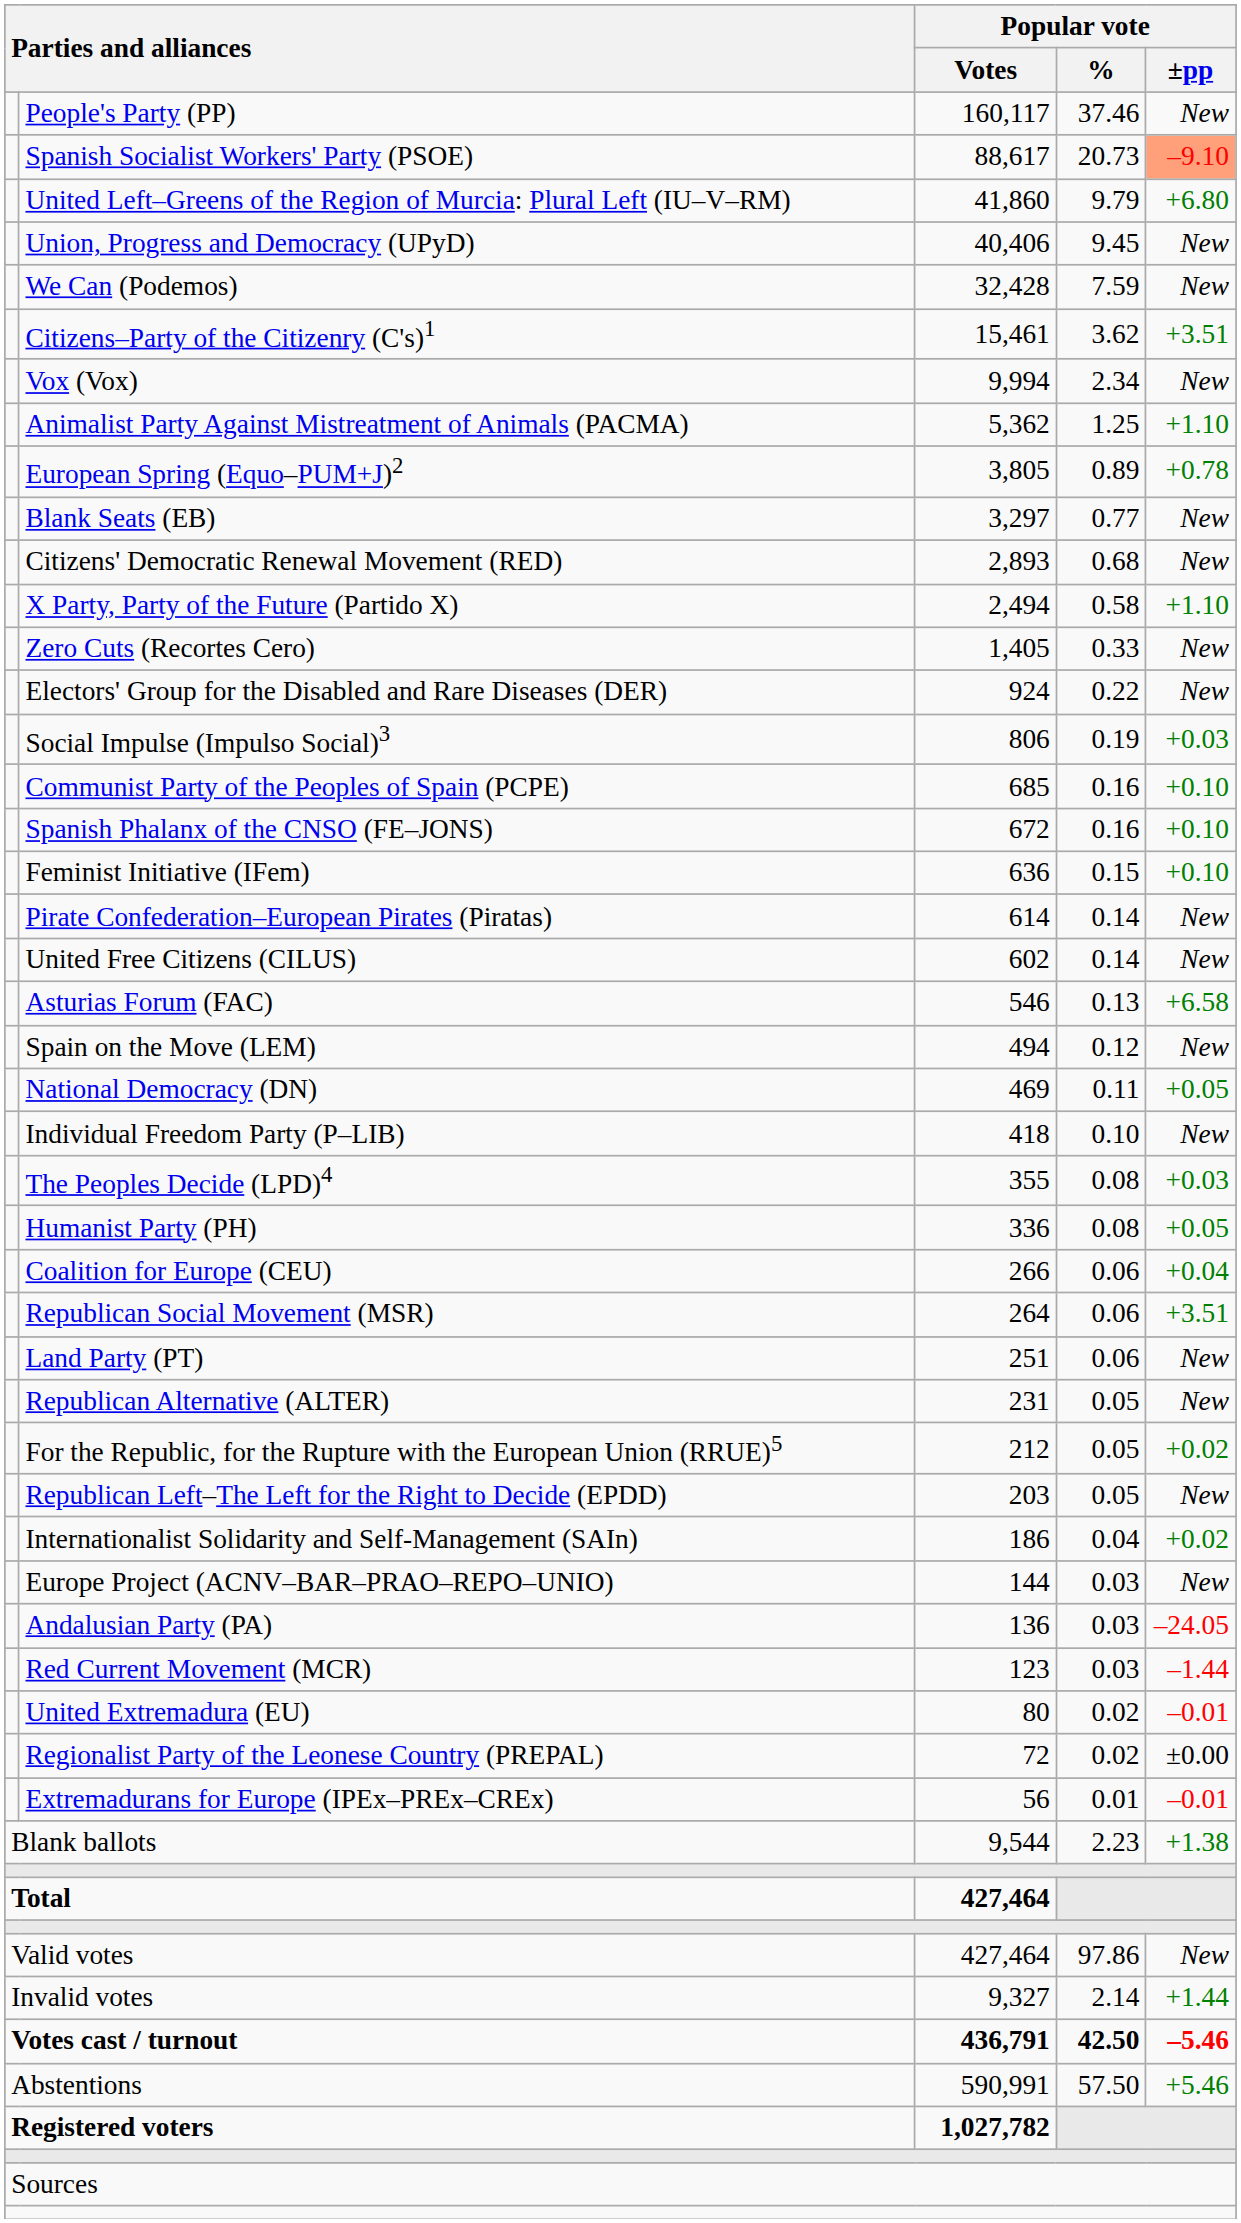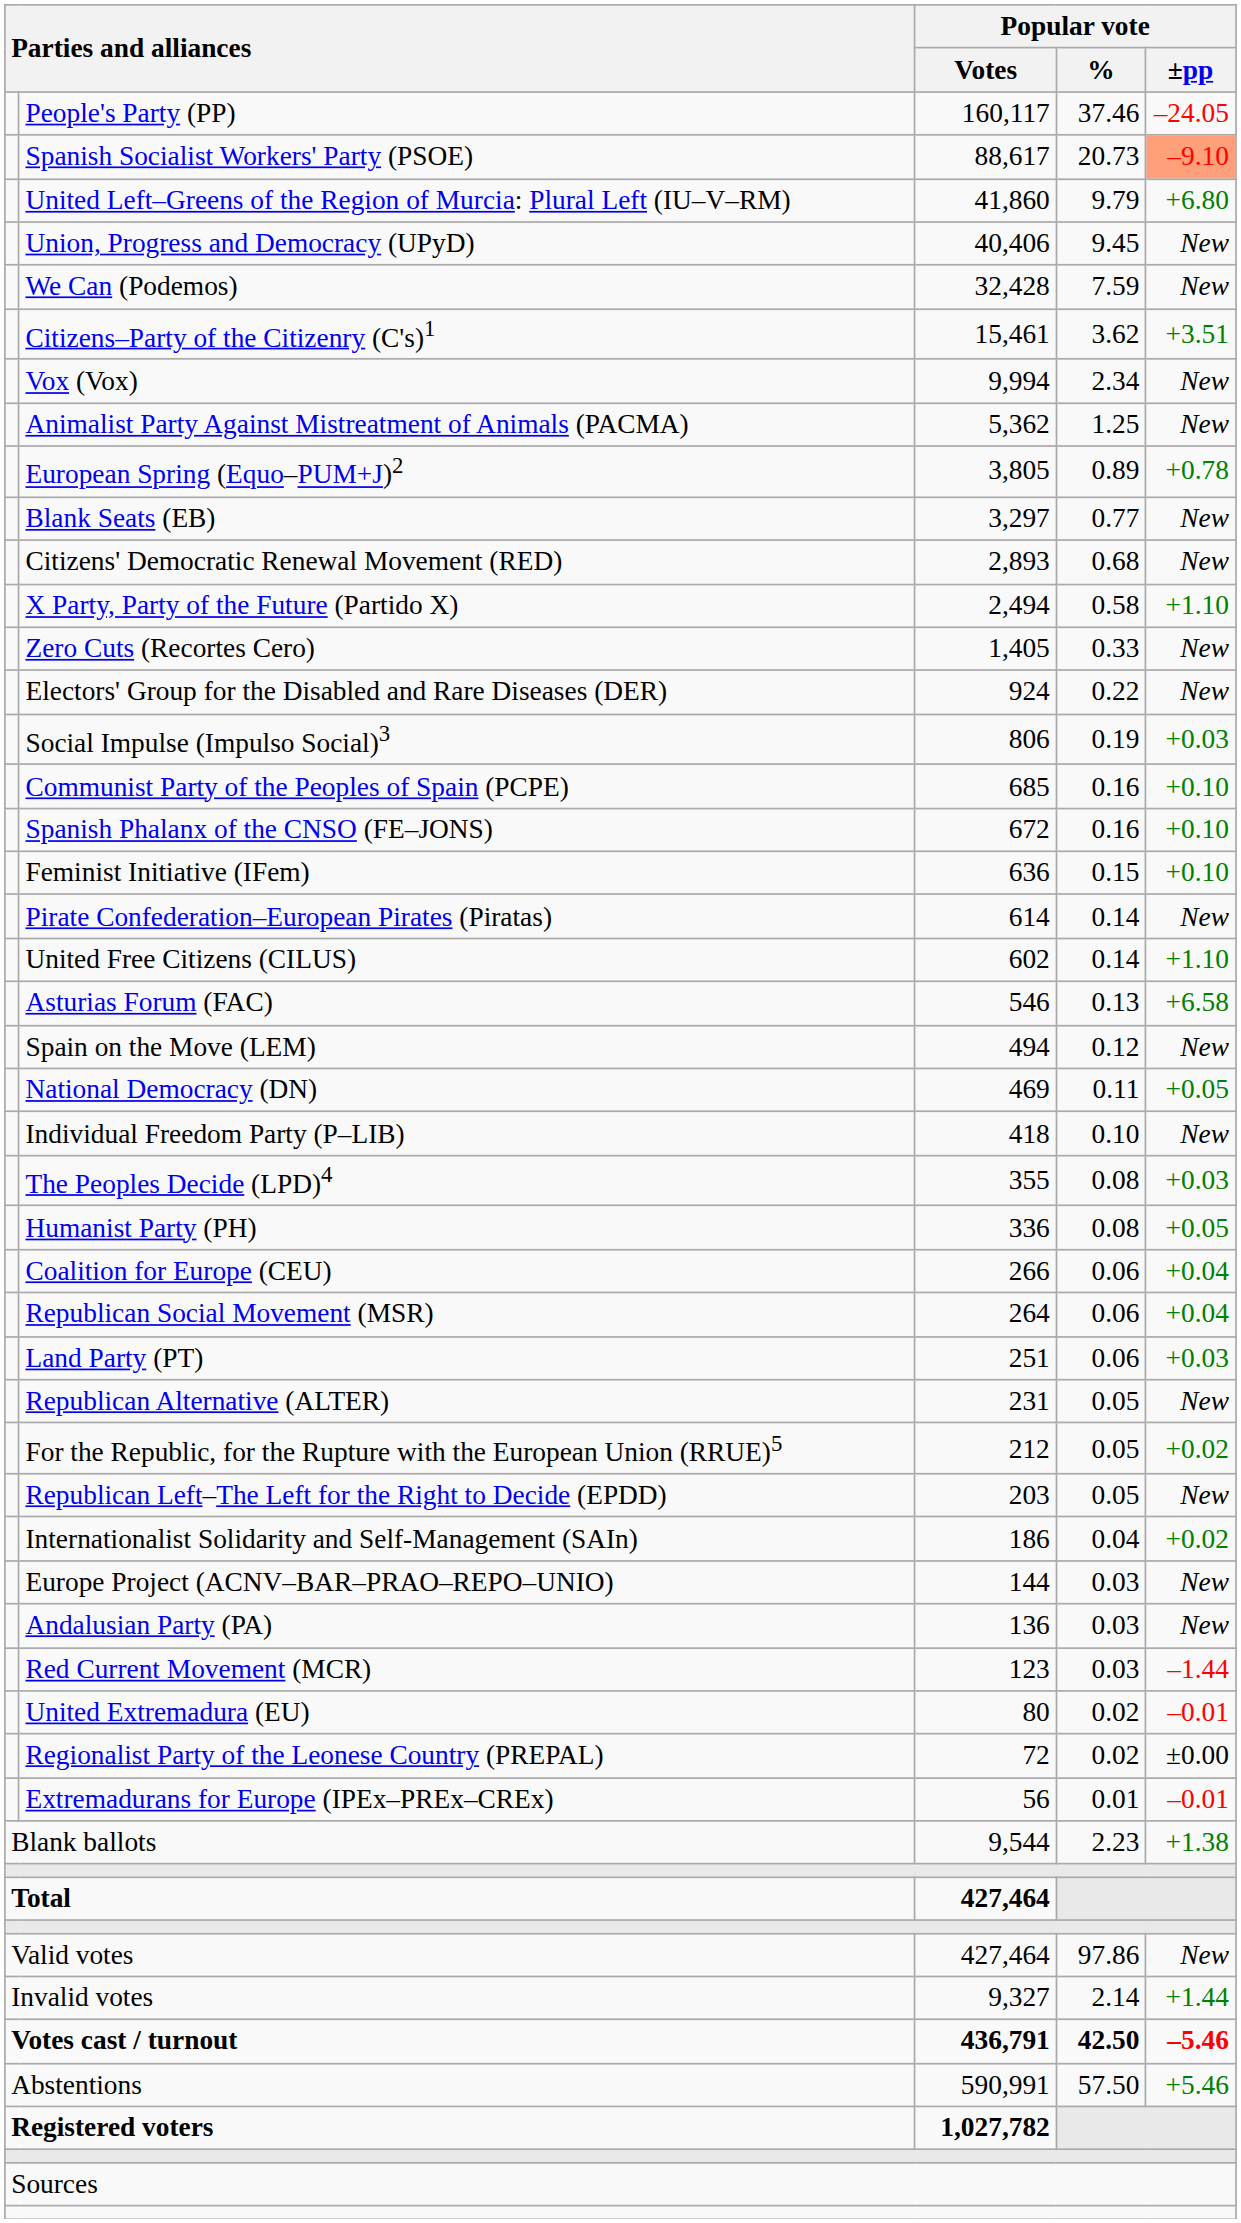 <table class="wikitable" style="text-align:right">
 <tr>
 <th style="text-align:left;" rowspan="2" colspan="2" width="525">Parties and alliances</th>
 <th colspan="3">Popular vote</th>
 </tr>
 <tr>
 <th width="75">Votes</th>
 <th width="45">%</th>
 <th width="45">±<a href='#'>pp</a></th>
 </tr>
 <tr>
 <td width="1" style="color:inherit;background:"></td>
 <td align="left"><a href='#'>People's Party</a> (PP)</td>
 <td>160,117</td>
 <td>37.46</td>
-<td><em>New</em></td>
+<td style="color:red;">–24.05</td>
 </tr>
 <tr>
 <td style="color:inherit;background:"></td>
 <td align="left"><a href='#'>Spanish Socialist Workers' Party</a> (PSOE)</td>
 <td>88,617</td>
 <td>20.73</td>
 <td style="background: lightsalmon; color:red;">–9.10</td>
 </tr>
 <tr>
 <td style="color:inherit;background:"></td>
 <td align="left"><a href='#'>United Left–Greens of the Region of Murcia</a>: <a href='#'>Plural Left</a> (IU–V–RM)</td>
 <td>41,860</td>
 <td>9.79</td>
 <td style="color:green;">+6.80</td>
 </tr>
 <tr>
 <td style="color:inherit;background:"></td>
 <td align="left"><a href='#'>Union, Progress and Democracy</a> (UPyD)</td>
 <td>40,406</td>
 <td>9.45</td>
 <td><em>New</em></td>
 </tr>
 <tr>
 <td style="color:inherit;background:"></td>
 <td align="left"><a href='#'>We Can</a> (Podemos)</td>
 <td>32,428</td>
 <td>7.59</td>
 <td><em>New</em></td>
 </tr>
 <tr>
 <td style="color:inherit;background:"></td>
 <td align="left"><a href='#'>Citizens–Party of the Citizenry</a> (C's)<sup>1</sup></td>
 <td>15,461</td>
 <td>3.62</td>
 <td style="color:green;">+3.51</td>
 </tr>
 <tr>
 <td style="color:inherit;background:"></td>
 <td align="left"><a href='#'>Vox</a> (Vox)</td>
 <td>9,994</td>
 <td>2.34</td>
 <td><em>New</em></td>
 </tr>
 <tr>
 <td style="color:inherit;background:"></td>
 <td align="left"><a href='#'>Animalist Party Against Mistreatment of Animals</a> (PACMA)</td>
 <td>5,362</td>
 <td>1.25</td>
-<td style="color:green;">+1.10</td>
+<td><em>New</em></td>
 </tr>
 <tr>
 <td style="color:inherit;background:"></td>
 <td align="left"><a href='#'>European Spring</a> (<a href='#'>Equo</a>–<a href='#'>PUM+J</a>)<sup>2</sup></td>
 <td>3,805</td>
 <td>0.89</td>
 <td style="color:green;">+0.78</td>
 </tr>
 <tr>
 <td style="color:inherit;background:"></td>
 <td align="left"><a href='#'>Blank Seats</a> (EB)</td>
 <td>3,297</td>
 <td>0.77</td>
 <td><em>New</em></td>
 </tr>
 <tr>
 <td style="color:inherit;background:"></td>
 <td align="left">Citizens' Democratic Renewal Movement (RED)</td>
 <td>2,893</td>
 <td>0.68</td>
 <td><em>New</em></td>
 </tr>
 <tr>
 <td style="color:inherit;background:"></td>
 <td align="left"><a href='#'>X Party, Party of the Future</a> (Partido X)</td>
 <td>2,494</td>
 <td>0.58</td>
 <td style="color:green;">+1.10</td>
 </tr>
 <tr>
 <td style="color:inherit;background:"></td>
 <td align="left"><a href='#'>Zero Cuts</a> (Recortes Cero)</td>
 <td>1,405</td>
 <td>0.33</td>
 <td><em>New</em></td>
 </tr>
 <tr>
 <td style="color:inherit;background:"></td>
 <td align="left">Electors' Group for the Disabled and Rare Diseases (DER)</td>
 <td>924</td>
 <td>0.22</td>
 <td><em>New</em></td>
 </tr>
 <tr>
 <td style="color:inherit;background:"></td>
 <td align="left">Social Impulse (Impulso Social)<sup>3</sup></td>
 <td>806</td>
 <td>0.19</td>
 <td style="color:green;">+0.03</td>
 </tr>
 <tr>
 <td style="color:inherit;background:"></td>
 <td align="left"><a href='#'>Communist Party of the Peoples of Spain</a> (PCPE)</td>
 <td>685</td>
 <td>0.16</td>
 <td style="color:green;">+0.10</td>
 </tr>
 <tr>
 <td style="color:inherit;background:"></td>
 <td align="left"><a href='#'>Spanish Phalanx of the CNSO</a> (FE–JONS)</td>
 <td>672</td>
 <td>0.16</td>
 <td style="color:green;">+0.10</td>
 </tr>
 <tr>
 <td style="color:inherit;background:"></td>
 <td align="left">Feminist Initiative (IFem)</td>
 <td>636</td>
 <td>0.15</td>
 <td style="color:green;">+0.10</td>
 </tr>
 <tr>
 <td style="color:inherit;background:"></td>
 <td align="left"><a href='#'>Pirate Confederation–European Pirates</a> (Piratas)</td>
 <td>614</td>
 <td>0.14</td>
 <td><em>New</em></td>
 </tr>
 <tr>
 <td style="color:inherit;background:"></td>
 <td align="left">United Free Citizens (CILUS)</td>
 <td>602</td>
 <td>0.14</td>
-<td><em>New</em></td>
+<td style="color:green;">+1.10</td>
 </tr>
 <tr>
 <td style="color:inherit;background:"></td>
 <td align="left"><a href='#'>Asturias Forum</a> (FAC)</td>
 <td>546</td>
 <td>0.13</td>
 <td style="color:green;">+6.58</td>
 </tr>
 <tr>
 <td style="color:inherit;background:"></td>
 <td align="left">Spain on the Move (LEM)</td>
 <td>494</td>
 <td>0.12</td>
 <td><em>New</em></td>
 </tr>
 <tr>
 <td style="color:inherit;background:"></td>
 <td align="left"><a href='#'>National Democracy</a> (DN)</td>
 <td>469</td>
 <td>0.11</td>
 <td style="color:green;">+0.05</td>
 </tr>
 <tr>
 <td style="color:inherit;background:"></td>
 <td align="left">Individual Freedom Party (P–LIB)</td>
 <td>418</td>
 <td>0.10</td>
 <td><em>New</em></td>
 </tr>
 <tr>
 <td style="color:inherit;background:"></td>
 <td align="left"><a href='#'>The Peoples Decide</a> (LPD)<sup>4</sup></td>
 <td>355</td>
 <td>0.08</td>
 <td style="color:green;">+0.03</td>
 </tr>
 <tr>
 <td style="color:inherit;background:"></td>
 <td align="left"><a href='#'>Humanist Party</a> (PH)</td>
 <td>336</td>
 <td>0.08</td>
 <td style="color:green;">+0.05</td>
 </tr>
 <tr>
 <td style="color:inherit;background:"></td>
 <td align="left"><a href='#'>Coalition for Europe</a> (CEU)</td>
 <td>266</td>
 <td>0.06</td>
 <td style="color:green;">+0.04</td>
 </tr>
 <tr>
 <td style="color:inherit;background:"></td>
 <td align="left"><a href='#'>Republican Social Movement</a> (MSR)</td>
 <td>264</td>
 <td>0.06</td>
-<td style="color:green;">+3.51</td>
+<td style="color:green;">+0.04</td>
 </tr>
 <tr>
 <td style="color:inherit;background:"></td>
 <td align="left"><a href='#'>Land Party</a> (PT)</td>
 <td>251</td>
 <td>0.06</td>
-<td><em>New</em></td>
+<td style="color:green;">+0.03</td>
 </tr>
 <tr>
 <td style="color:inherit;background:"></td>
 <td align="left"><a href='#'>Republican Alternative</a> (ALTER)</td>
 <td>231</td>
 <td>0.05</td>
 <td><em>New</em></td>
 </tr>
 <tr>
 <td style="color:inherit;background:"></td>
 <td align="left">For the Republic, for the Rupture with the European Union (RRUE)<sup>5</sup></td>
 <td>212</td>
 <td>0.05</td>
 <td style="color:green;">+0.02</td>
 </tr>
 <tr>
 <td style="color:inherit;background:"></td>
 <td align="left"><a href='#'>Republican Left</a>–<a href='#'>The Left for the Right to Decide</a> (EPDD)</td>
 <td>203</td>
 <td>0.05</td>
 <td><em>New</em></td>
 </tr>
 <tr>
 <td style="color:inherit;background:"></td>
 <td align="left">Internationalist Solidarity and Self-Management (SAIn)</td>
 <td>186</td>
 <td>0.04</td>
 <td style="color:green;">+0.02</td>
 </tr>
 <tr>
 <td style="color:inherit;background:"></td>
 <td align="left">Europe Project (ACNV–BAR–PRAO–REPO–UNIO)</td>
 <td>144</td>
 <td>0.03</td>
 <td><em>New</em></td>
 </tr>
 <tr>
 <td style="color:inherit;background:"></td>
 <td align="left"><a href='#'>Andalusian Party</a> (PA)</td>
 <td>136</td>
 <td>0.03</td>
-<td style="color:red;">–24.05</td>
+<td><em>New</em></td>
 </tr>
 <tr>
 <td style="color:inherit;background:"></td>
 <td align="left"><a href='#'>Red Current Movement</a> (MCR)</td>
 <td>123</td>
 <td>0.03</td>
 <td style="color:red;">–1.44</td>
 </tr>
 <tr>
 <td style="color:inherit;background:"></td>
 <td align="left"><a href='#'>United Extremadura</a> (EU)</td>
 <td>80</td>
 <td>0.02</td>
 <td style="color:red;">–0.01</td>
 </tr>
 <tr>
 <td style="color:inherit;background:"></td>
 <td align="left"><a href='#'>Regionalist Party of the Leonese Country</a> (PREPAL)</td>
 <td>72</td>
 <td>0.02</td>
 <td>±0.00</td>
 </tr>
 <tr>
 <td style="color:inherit;background:"></td>
 <td align="left"><a href='#'>Extremadurans for Europe</a> (IPEx–PREx–CREx)</td>
 <td>56</td>
 <td>0.01</td>
 <td style="color:red;">–0.01</td>
 </tr>
 <tr>
 <td align="left" colspan="2">Blank ballots</td>
 <td>9,544</td>
 <td>2.23</td>
 <td style="color:green;">+1.38</td>
 </tr>
 <tr>
 <td colspan="5" bgcolor="#E9E9E9"></td>
 </tr>
 <tr style="font-weight:bold;">
 <td align="left" colspan="2">Total</td>
 <td>427,464</td>
 <td bgcolor="#E9E9E9" colspan="2"></td>
 </tr>
 <tr>
 <td colspan="5" bgcolor="#E9E9E9"></td>
 </tr>
 <tr>
 <td align="left" colspan="2">Valid votes</td>
 <td>427,464</td>
 <td>97.86</td>
 <td><em>New</em></td>
 </tr>
 <tr>
 <td align="left" colspan="2">Invalid votes</td>
 <td>9,327</td>
 <td>2.14</td>
 <td style="color:green;">+1.44</td>
 </tr>
 <tr style="font-weight:bold;">
 <td align="left" colspan="2">Votes cast / turnout</td>
 <td>436,791</td>
 <td>42.50</td>
 <td style="color:red;">–5.46</td>
 </tr>
 <tr>
 <td align="left" colspan="2">Abstentions</td>
 <td>590,991</td>
 <td>57.50</td>
 <td style="color:green;">+5.46</td>
 </tr>
 <tr style="font-weight:bold;">
 <td align="left" colspan="2">Registered voters</td>
 <td>1,027,782</td>
 <td bgcolor="#E9E9E9" colspan="2"></td>
 </tr>
 <tr>
 <td colspan="5" bgcolor="#E9E9E9"></td>
 </tr>
 <tr>
 <td align="left" colspan="5">Sources</td>
 </tr>
 <tr>
 <td colspan="5" style="text-align:left; max-width:680px;"></td>
 </tr>
 </table>
